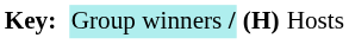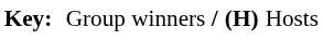 <table style="font-size: 85%;">
 <tr>
 <td height=5></td>
 </tr>
 <tr>
 <td><strong>Key:</strong></td>
 <td></td>
-<td style="background: paleturquoise;">Group winners <strong>/</strong></td>
+<td>Group winners <strong>/</strong></td>
 <td style="background:"><strong>(H)</strong></td>
 <td>Hosts</td>
 </tr>
 </table>
